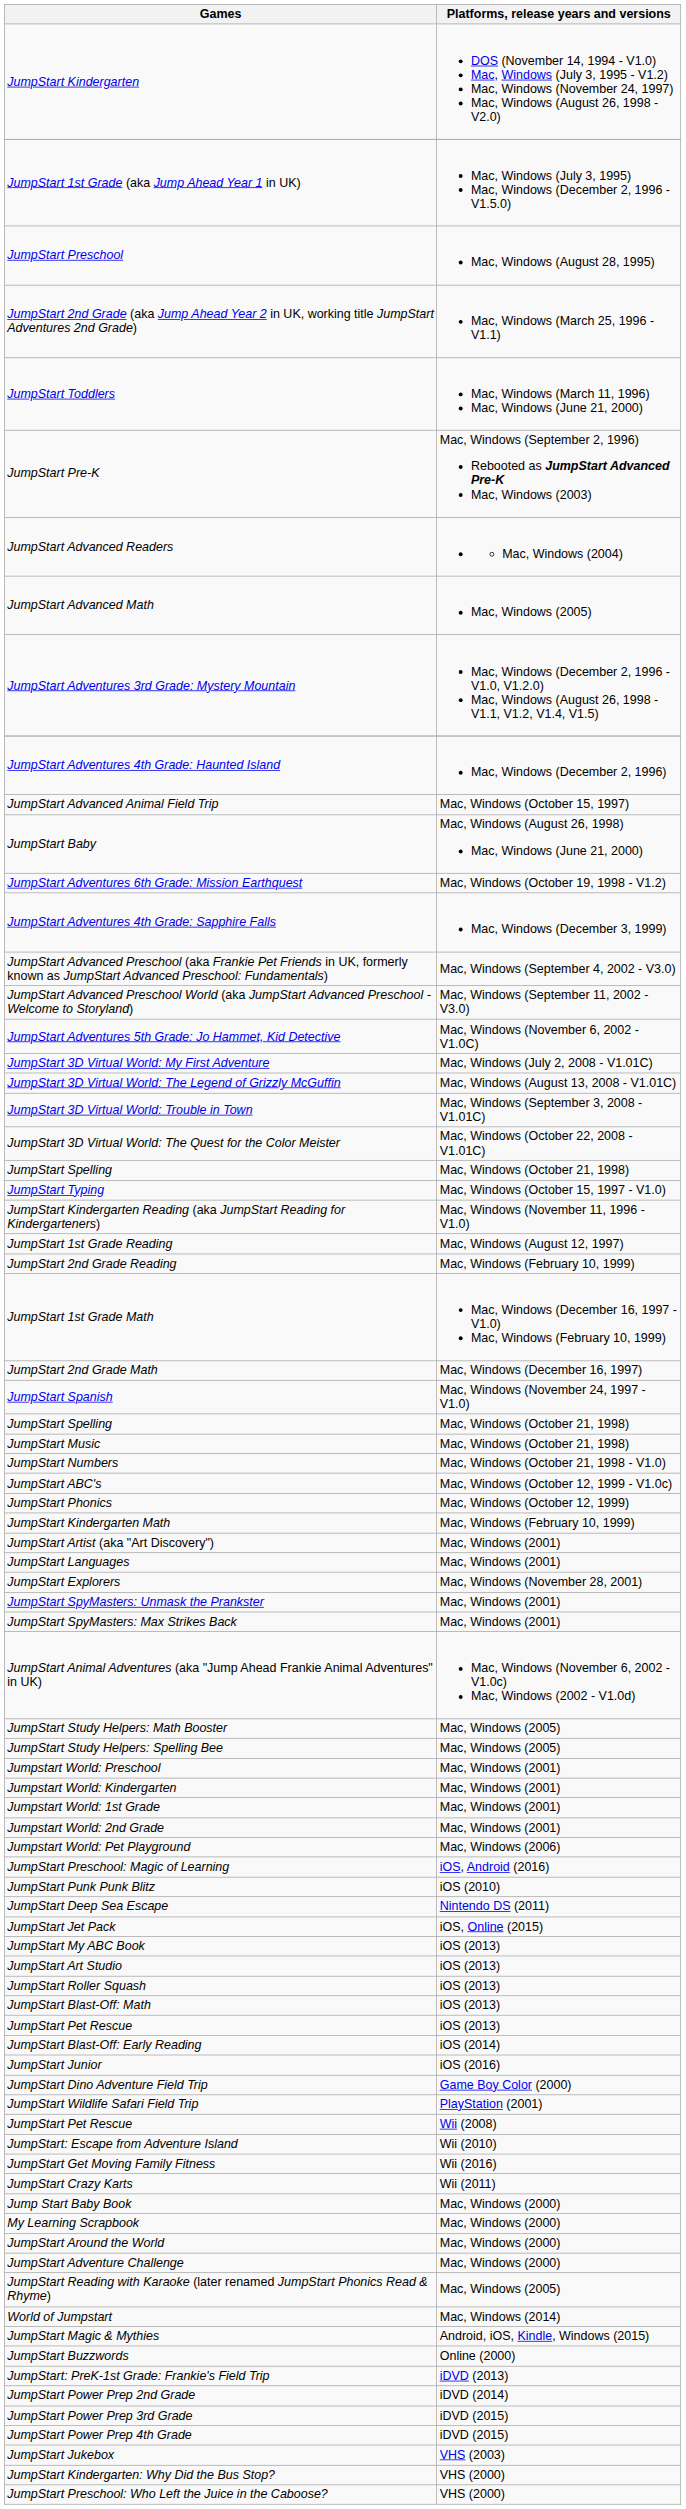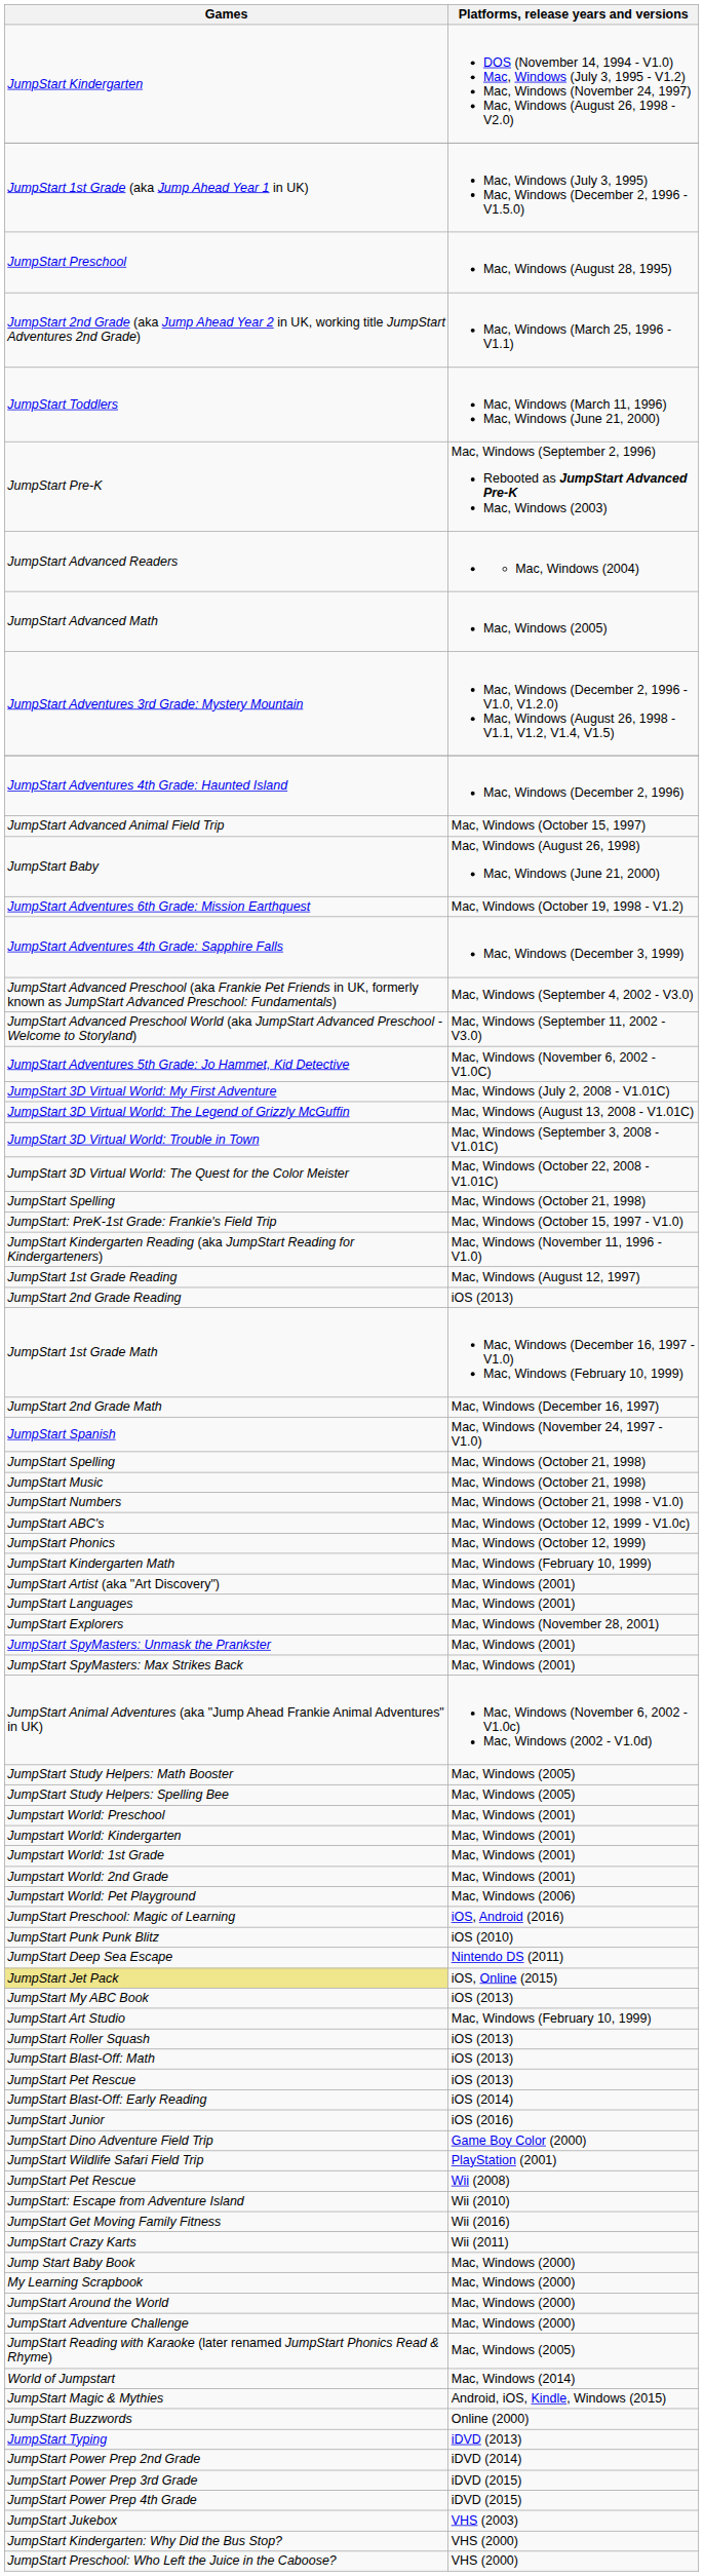 <table class="wikitable">
 <tr>
 <th>Games</th>
 <th>Platforms, release years and versions</th>
 </tr>
 <tr>
 <td><em><a href='#'>JumpStart Kindergarten</a></em></td>
 <td><br><ul><li><a href='#'>DOS</a> (November 14, 1994 - V1.0)</li><li><a href='#'>Mac</a>, <a href='#'>Windows</a> (July 3, 1995 - V1.2)</li><li>Mac, Windows (November 24, 1997)</li><li>Mac, Windows (August 26, 1998 - V2.0)</li></ul></td>
 </tr>
 <tr>
 </tr>
 <tr>
 <td><em><a href='#'>JumpStart 1st Grade</a></em> (aka <em><a href='#'>Jump Ahead Year 1</a></em> in UK)</td>
 <td><br><ul><li>Mac, Windows (July 3, 1995)</li><li>Mac, Windows (December 2, 1996 - V1.5.0)</li></ul></td>
 </tr>
 <tr>
 <td><em><a href='#'>JumpStart Preschool</a></em></td>
 <td><br><ul><li>Mac, Windows (August 28, 1995)</li></ul></td>
 </tr>
 <tr>
 <td><em><a href='#'>JumpStart 2nd Grade</a></em> (aka <em><a href='#'>Jump Ahead Year 2</a></em> in UK, working title <em>JumpStart Adventures 2nd Grade</em>)</td>
 <td><br><ul><li>Mac, Windows (March 25, 1996 - V1.1)</li></ul></td>
 </tr>
 <tr>
 <td><em><a href='#'>JumpStart Toddlers</a></em></td>
 <td><br><ul><li>Mac, Windows (March 11, 1996)</li><li>Mac, Windows (June 21, 2000)</li></ul></td>
 </tr>
 <tr>
 <td><em>JumpStart Pre-K</em></td>
 <td>Mac, Windows (September 2, 1996)<br><ul><li>Rebooted as <strong><em>JumpStart Advanced Pre-K</em></strong></li><li>Mac, Windows (2003)</li></ul></td>
 </tr>
 <tr>
 <td><em>JumpStart Advanced Readers</em></td>
 <td><br><ul><li><ul><li>Mac, Windows (2004)</li></ul></li></ul></td>
 </tr>
 <tr>
 <td><em>JumpStart Advanced Math</em></td>
 <td><br><ul><li>Mac, Windows (2005)</li></ul></td>
 </tr>
 <tr>
 <td><em><a href='#'>JumpStart Adventures 3rd Grade: Mystery Mountain</a></em></td>
 <td><br><ul><li>Mac, Windows (December 2, 1996 - V1.0, V1.2.0)</li><li>Mac, Windows (August 26, 1998 - V1.1, V1.2, V1.4, V1.5)</li></ul></td>
 </tr>
 <tr>
 </tr>
 <tr>
 <td><em><a href='#'>JumpStart Adventures 4th Grade: Haunted Island</a></em></td>
 <td><br><ul><li>Mac, Windows (December 2, 1996)</li></ul></td>
 </tr>
 <tr>
 <td><em>JumpStart Advanced Animal Field Trip</em></td>
 <td>Mac, Windows (October 15, 1997)</td>
 </tr>
 <tr>
 <td><em>JumpStart Baby</em></td>
 <td>Mac, Windows (August 26, 1998)<br><ul><li>Mac, Windows (June 21, 2000)</li></ul></td>
 </tr>
 <tr>
 <td><em><a href='#'>JumpStart Adventures 6th Grade: Mission Earthquest</a></em></td>
 <td>Mac, Windows (October 19, 1998 - V1.2)<br></td>
 </tr>
 <tr>
 <td><em><a href='#'>JumpStart Adventures 4th Grade: Sapphire Falls</a></em></td>
 <td><br><ul><li>Mac, Windows (December 3, 1999)</li></ul></td>
 </tr>
 <tr>
 <td><em>JumpStart Advanced Preschool</em> (aka <em>Frankie Pet Friends</em> in UK, formerly known as <em>JumpStart Advanced Preschool: Fundamentals</em>)</td>
 <td>Mac, Windows (September 4, 2002 - V3.0)</td>
 </tr>
 <tr>
 <td><em>JumpStart Advanced Preschool World</em> (aka <em>JumpStart Advanced Preschool - Welcome to Storyland</em>)</td>
 <td>Mac, Windows (September 11, 2002 - V3.0)</td>
 </tr>
 <tr>
 <td><em><a href='#'>JumpStart Adventures 5th Grade: Jo Hammet, Kid Detective</a></em></td>
 <td>Mac, Windows (November 6, 2002 - V1.0C)</td>
 </tr>
 <tr>
 <td><em><a href='#'>JumpStart 3D Virtual World: My First Adventure</a></em></td>
 <td>Mac, Windows (July 2, 2008 - V1.01C)</td>
 </tr>
 <tr>
 <td><em><a href='#'>JumpStart 3D Virtual World: The Legend of Grizzly McGuffin</a></em></td>
 <td>Mac, Windows (August 13, 2008 - V1.01C)</td>
 </tr>
 <tr>
 <td><em><a href='#'>JumpStart 3D Virtual World: Trouble in Town</a></em></td>
 <td>Mac, Windows (September 3, 2008 - V1.01C)</td>
 </tr>
 <tr>
 <td><em>JumpStart 3D Virtual World: The Quest for the Color Meister</em></td>
 <td>Mac, Windows (October 22, 2008 - V1.01C)</td>
 </tr>
 <tr>
 <td><em>JumpStart Spelling</em></td>
 <td>Mac, Windows (October 21, 1998)</td>
 </tr>
 <tr>
-<td><em><a href='#'>JumpStart Typing</a></em></td>
+<td><em>JumpStart: PreK-1st Grade: Frankie's Field Trip</em></td>
 <td>Mac, Windows (October 15, 1997 - V1.0)</td>
 </tr>
 <tr>
 <td><em>JumpStart Kindergarten Reading</em> (aka <em>JumpStart Reading for Kindergarteners</em>)</td>
 <td>Mac, Windows (November 11, 1996 - V1.0)</td>
 </tr>
 <tr>
 <td><em>JumpStart 1st Grade Reading</em></td>
 <td>Mac, Windows (August 12, 1997)</td>
 </tr>
 <tr>
 <td><em>JumpStart 2nd Grade Reading</em></td>
-<td>Mac, Windows (February 10, 1999)</td>
+<td>iOS (2013)</td>
 </tr>
 <tr>
 <td><em>JumpStart 1st Grade Math</em></td>
 <td><br><ul><li>Mac, Windows (December 16, 1997 - V1.0)</li><li>Mac, Windows (February 10, 1999)</li></ul></td>
 </tr>
 <tr>
 <td><em>JumpStart 2nd Grade Math</em></td>
 <td>Mac, Windows (December 16, 1997)</td>
 </tr>
 <tr>
 <td><em><a href='#'>JumpStart Spanish</a></em></td>
 <td>Mac, Windows (November 24, 1997 - V1.0)</td>
 </tr>
 <tr>
 <td><em>JumpStart Spelling</em></td>
 <td>Mac, Windows (October 21, 1998)</td>
 </tr>
 <tr>
 <td><em>JumpStart Music</em></td>
 <td>Mac, Windows (October 21, 1998)</td>
 </tr>
 <tr>
 <td><em>JumpStart Numbers</em></td>
 <td>Mac, Windows (October 21, 1998 - V1.0)</td>
 </tr>
 <tr>
 <td><em>JumpStart ABC's</em></td>
 <td>Mac, Windows (October 12, 1999 - V1.0c)</td>
 </tr>
 <tr>
 <td><em>JumpStart Phonics</em></td>
 <td>Mac, Windows (October 12, 1999)</td>
 </tr>
 <tr>
 <td><em>JumpStart Kindergarten Math</em></td>
 <td>Mac, Windows (February 10, 1999)</td>
 </tr>
 <tr>
 <td><em>JumpStart Artist</em> (aka "Art Discovery")</td>
 <td>Mac, Windows (2001)</td>
 </tr>
 <tr>
 <td><em>JumpStart Languages</em></td>
 <td>Mac, Windows (2001)</td>
 </tr>
 <tr>
 <td><em>JumpStart Explorers</em></td>
 <td>Mac, Windows (November 28, 2001)</td>
 </tr>
 <tr>
 <td><em><a href='#'>JumpStart SpyMasters: Unmask the Prankster</a></em></td>
 <td>Mac, Windows (2001)</td>
 </tr>
 <tr>
 <td><em>JumpStart SpyMasters: Max Strikes Back</em></td>
 <td>Mac, Windows (2001)</td>
 </tr>
 <tr>
 <td><em>JumpStart Animal Adventures</em> (aka "Jump Ahead Frankie Animal Adventures" in UK)</td>
 <td><br><ul><li>Mac, Windows (November 6, 2002 - V1.0c)</li><li>Mac, Windows (2002 - V1.0d)</li></ul></td>
 </tr>
 <tr>
 <td><em>JumpStart Study Helpers: Math Booster</em></td>
 <td>Mac, Windows (2005)</td>
 </tr>
 <tr>
 <td><em>JumpStart Study Helpers: Spelling Bee</em></td>
 <td>Mac, Windows (2005)</td>
 </tr>
 <tr>
 <td><em>Jumpstart World: Preschool</em></td>
 <td>Mac, Windows (2001)</td>
 </tr>
 <tr>
 <td><em>Jumpstart World: Kindergarten</em></td>
 <td>Mac, Windows (2001)</td>
 </tr>
 <tr>
 <td><em>Jumpstart World: 1st Grade</em></td>
 <td>Mac, Windows (2001)</td>
 </tr>
 <tr>
 <td><em>Jumpstart World: 2nd Grade</em></td>
 <td>Mac, Windows (2001)</td>
 </tr>
 <tr>
 <td><em>Jumpstart World: Pet Playground</em></td>
 <td>Mac, Windows (2006)</td>
 </tr>
 <tr>
 <td><em>JumpStart Preschool: Magic of Learning</em></td>
 <td><a href='#'>iOS</a>, <a href='#'>Android</a> (2016)</td>
 </tr>
 <tr>
 <td><em>JumpStart Punk Punk Blitz</em></td>
 <td>iOS (2010)</td>
 </tr>
 <tr>
 <td><em>JumpStart Deep Sea Escape</em></td>
 <td><a href='#'>Nintendo DS</a> (2011)</td>
 </tr>
 <tr>
-<td><em>JumpStart Jet Pack</em></td>
+<td style="background: khaki;"><em>JumpStart Jet Pack</em></td>
 <td>iOS, <a href='#'>Online</a> (2015)</td>
 </tr>
 <tr>
 <td><em>JumpStart My ABC Book</em></td>
 <td>iOS (2013)</td>
 </tr>
 <tr>
 <td><em>JumpStart Art Studio</em></td>
-<td>iOS (2013)</td>
+<td>Mac, Windows (February 10, 1999)</td>
 </tr>
 <tr>
 <td><em>JumpStart Roller Squash</em></td>
 <td>iOS (2013)</td>
 </tr>
 <tr>
 <td><em>JumpStart Blast-Off: Math</em></td>
 <td>iOS (2013)</td>
 </tr>
 <tr>
 <td><em>JumpStart Pet Rescue</em></td>
 <td>iOS (2013)</td>
 </tr>
 <tr>
 <td><em>JumpStart Blast-Off: Early Reading</em></td>
 <td>iOS (2014)</td>
 </tr>
 <tr>
 <td><em>JumpStart Junior</em></td>
 <td>iOS (2016)</td>
 </tr>
 <tr>
 <td><em>JumpStart Dino Adventure Field Trip</em></td>
 <td><a href='#'>Game Boy Color</a> (2000)</td>
 </tr>
 <tr>
 <td><em>JumpStart Wildlife Safari Field Trip</em></td>
 <td><a href='#'>PlayStation</a> (2001)</td>
 </tr>
 <tr>
 <td><em>JumpStart Pet Rescue</em></td>
 <td><a href='#'>Wii</a> (2008)</td>
 </tr>
 <tr>
 <td><em>JumpStart: Escape from Adventure Island</em></td>
 <td>Wii (2010)</td>
 </tr>
 <tr>
 <td><em>JumpStart Get Moving Family Fitness</em></td>
 <td>Wii (2016)</td>
 </tr>
 <tr>
 <td><em>JumpStart Crazy Karts</em></td>
 <td>Wii (2011)</td>
 </tr>
 <tr>
 <td><em>Jump Start Baby Book</em></td>
 <td>Mac, Windows (2000)</td>
 </tr>
 <tr>
 <td><em>My Learning Scrapbook</em></td>
 <td>Mac, Windows (2000)</td>
 </tr>
 <tr>
 <td><em>JumpStart Around the World</em></td>
 <td>Mac, Windows (2000)</td>
 </tr>
 <tr>
 <td><em>JumpStart Adventure Challenge</em></td>
 <td>Mac, Windows (2000)</td>
 </tr>
 <tr>
 <td><em>JumpStart Reading with Karaoke</em> (later renamed <em>JumpStart Phonics Read & Rhyme</em>)</td>
 <td>Mac, Windows (2005)</td>
 </tr>
 <tr>
 <td><em>World of Jumpstart</em></td>
 <td>Mac, Windows (2014)</td>
 </tr>
 <tr>
 <td><em>JumpStart Magic & Mythies</em></td>
 <td>Android, iOS, <a href='#'>Kindle</a>, Windows (2015)</td>
 </tr>
 <tr>
 <td><em>JumpStart Buzzwords</em></td>
 <td>Online (2000)</td>
 </tr>
 <tr>
-<td><em>JumpStart: PreK-1st Grade: Frankie's Field Trip</em></td>
+<td><em><a href='#'>JumpStart Typing</a></em></td>
 <td><a href='#'>iDVD</a> (2013)</td>
 </tr>
 <tr>
 <td><em>JumpStart Power Prep 2nd Grade</em></td>
 <td>iDVD (2014)</td>
 </tr>
 <tr>
 <td><em>JumpStart Power Prep 3rd Grade</em></td>
 <td>iDVD (2015)</td>
 </tr>
 <tr>
 <td><em>JumpStart Power Prep 4th Grade</em></td>
 <td>iDVD (2015)</td>
 </tr>
 <tr>
 <td><em>JumpStart Jukebox</em></td>
 <td><a href='#'>VHS</a> (2003)</td>
 </tr>
 <tr>
 <td><em>JumpStart Kindergarten: Why Did the Bus Stop?</em></td>
 <td>VHS (2000)</td>
 </tr>
 <tr>
 <td><em>JumpStart Preschool: Who Left the Juice in the Caboose?</em></td>
 <td>VHS (2000)</td>
 </tr>
 </table>
